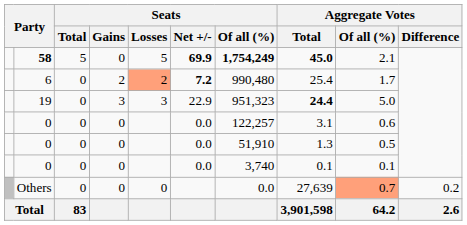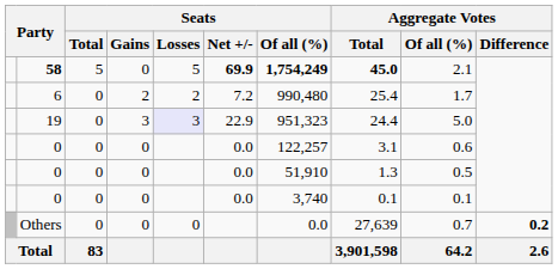 <table class="wikitable sortable" style="text-align:right; font-size:95%;">
 <tr>
 <th colspan="2" rowspan="2">Party</th>
 <th colspan="5">Seats</th>
 <th colspan="3">Aggregate Votes</th>
 </tr>
 <tr>
 <th>Total</th>
 <th>Gains</th>
 <th>Losses</th>
 <th>Net +/-</th>
 <th>Of all (%)</th>
 <th>Total</th>
 <th>Of all (%)</th>
 <th>Difference</th>
 </tr>
 <tr>
 <td></td>
 <td><strong>58</strong></td>
 <td>5</td>
 <td>0</td>
 <td>5</td>
 <td><strong>69.9</strong></td>
 <td><strong>1,754,249</strong></td>
 <td><strong>45.0</strong></td>
 <td>2.1</td>
 </tr>
 <tr>
 <td></td>
 <td>6</td>
 <td>0</td>
 <td>2</td>
-<td style="background: lightsalmon;">2</td>
-<td><strong>7.2</strong></td>
+<td>2</td>
+<td>7.2</td>
 <td>990,480</td>
 <td>25.4</td>
 <td>1.7</td>
 </tr>
 <tr>
 <td></td>
 <td>19</td>
 <td>0</td>
 <td>3</td>
-<td>3</td>
+<td style="background: lavender;">3</td>
 <td>22.9</td>
 <td>951,323</td>
-<td><strong>24.4</strong></td>
+<td>24.4</td>
 <td>5.0</td>
 </tr>
 <tr>
 <td></td>
 <td>0</td>
 <td>0</td>
 <td>0</td>
 <td></td>
 <td>0.0</td>
 <td>122,257</td>
 <td>3.1</td>
 <td>0.6</td>
 </tr>
 <tr>
 <td></td>
 <td>0</td>
 <td>0</td>
 <td>0</td>
 <td></td>
 <td>0.0</td>
 <td>51,910</td>
 <td>1.3</td>
 <td>0.5</td>
 </tr>
 <tr>
 <td></td>
 <td>0</td>
 <td>0</td>
 <td>0</td>
 <td></td>
 <td>0.0</td>
 <td>3,740</td>
 <td>0.1</td>
 <td>0.1</td>
 </tr>
 <tr>
 <td style="background:silver;"> </td>
 <td align=left>Others</td>
 <td>0</td>
 <td>0</td>
 <td>0</td>
 <td></td>
 <td>0.0</td>
 <td>27,639</td>
-<td style="background: lightsalmon;">0.7</td>
-<td>0.2</td>
+<td>0.7</td>
+<td><strong>0.2</strong></td>
 </tr>
 <tr class="sortbottom">
 <th colspan="2" style="background:#f2f2f2"><strong>Total</strong></th>
 <td style="background:#f2f2f2;"><strong>83</strong></td>
 <td style="background:#f2f2f2;"></td>
 <td style="background:#f2f2f2;"></td>
 <td style="background:#f2f2f2;"></td>
 <td style="background:#f2f2f2;"></td>
 <td style="background:#f2f2f2;"><strong>3,901,598</strong></td>
 <td style="background:#f2f2f2;"><strong>64.2</strong></td>
 <td style="background:#f2f2f2;"><strong>2.6</strong></td>
 </tr>
 </table>
